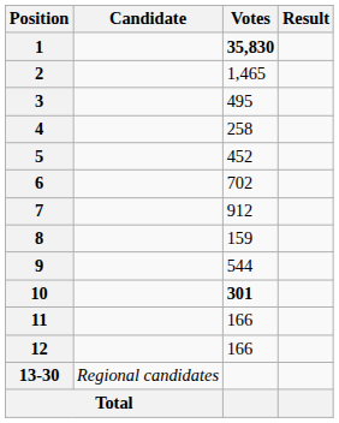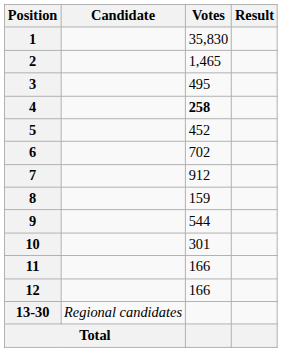 <table class="wikitable sortable col3right">
 <tr>
 <th scope="col">Position</th>
 <th scope="col">Candidate</th>
 <th scope="col">Votes</th>
 <th scope="col">Result</th>
 </tr>
 <tr>
 <th scope="row">1</th>
 <td></td>
-<td><strong>35,830</strong></td>
+<td>35,830</td>
 <td></td>
 </tr>
 <tr>
 <th scope="row">2</th>
 <td></td>
 <td>1,465</td>
 <td></td>
 </tr>
 <tr>
 <th scope="row">3</th>
 <td></td>
 <td>495</td>
 <td></td>
 </tr>
 <tr>
 <th scope="row">4</th>
 <td></td>
-<td>258</td>
+<td><strong>258</strong></td>
 <td></td>
 </tr>
 <tr>
 <th scope="row">5</th>
 <td></td>
 <td>452</td>
 <td></td>
 </tr>
 <tr>
 <th scope="row">6</th>
 <td></td>
 <td>702</td>
 <td></td>
 </tr>
 <tr>
 <th scope="row">7</th>
 <td></td>
 <td>912</td>
 <td></td>
 </tr>
 <tr>
 <th scope="row">8</th>
 <td></td>
 <td>159</td>
 <td></td>
 </tr>
 <tr>
 <th scope="row">9</th>
 <td></td>
 <td>544</td>
 <td></td>
 </tr>
 <tr>
 <th scope="row">10</th>
 <td></td>
-<td><strong>301</strong></td>
+<td>301</td>
 <td></td>
 </tr>
 <tr>
 <th scope="row">11</th>
 <td></td>
 <td>166</td>
 <td></td>
 </tr>
 <tr>
 <th scope="row">12</th>
 <td></td>
 <td>166</td>
 <td></td>
 </tr>
 <tr>
 <th scope="row">13-30</th>
 <td><em>Regional candidates</em></td>
 <td></td>
 <td></td>
 </tr>
 <tr class="sortbottom">
 <th scope="row" colspan="2">Total</th>
 <th></th>
 <th></th>
 </tr>
 </table>
